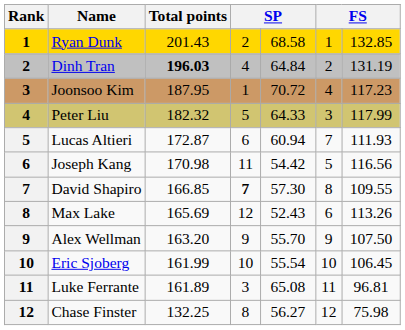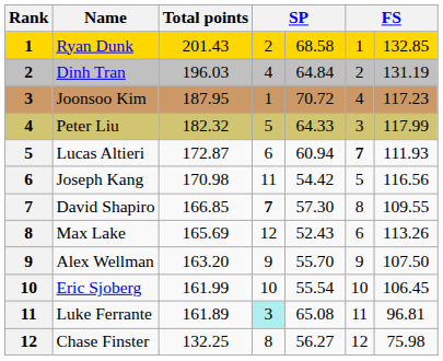 <table class="wikitable sortable">
 <tr>
 <th>Rank</th>
 <th>Name</th>
 <th>Total points</th>
 <th colspan="2" width="80px"><a href='#'>SP</a></th>
 <th colspan="2" width="80px"><a href='#'>FS</a></th>
 </tr>
 <tr bgcolor="gold">
 <td align="center"><strong>1</strong></td>
 <td><a href='#'>Ryan Dunk</a></td>
 <td align="center">201.43</td>
 <td align="center">2</td>
 <td align="center">68.58</td>
 <td align="center">1</td>
 <td align="center">132.85</td>
 </tr>
 <tr bgcolor="silver">
 <td align="center"><strong>2</strong></td>
 <td><a href='#'>Dinh Tran</a></td>
-<td align="center"><strong>196.03</strong></td>
+<td align="center">196.03</td>
 <td align="center">4</td>
 <td align="center">64.84</td>
 <td align="center">2</td>
 <td align="center">131.19</td>
 </tr>
 <tr bgcolor="cc9966">
 <td align="center"><strong>3</strong></td>
 <td>Joonsoo Kim</td>
 <td align="center">187.95</td>
 <td align="center">1</td>
 <td align="center">70.72</td>
 <td align="center">4</td>
 <td align="center">117.23</td>
 </tr>
 <tr bgcolor="#d1c571">
 <td align="center"><strong>4</strong></td>
 <td>Peter Liu</td>
 <td align="center">182.32</td>
 <td align="center">5</td>
 <td align="center">64.33</td>
 <td align="center">3</td>
 <td align="center">117.99</td>
 </tr>
 <tr>
 <th>5</th>
 <td>Lucas Altieri</td>
 <td align="center">172.87</td>
 <td align="center">6</td>
 <td align="center">60.94</td>
-<td align="center">7</td>
+<td align="center"><strong>7</strong></td>
 <td align="center">111.93</td>
 </tr>
 <tr>
 <th>6</th>
 <td>Joseph Kang</td>
 <td align="center">170.98</td>
 <td align="center">11</td>
 <td align="center">54.42</td>
 <td align="center">5</td>
 <td align="center">116.56</td>
 </tr>
 <tr>
 <th>7</th>
 <td>David Shapiro</td>
 <td align="center">166.85</td>
 <td align="center"><strong>7</strong></td>
 <td align="center">57.30</td>
 <td align="center">8</td>
 <td align="center">109.55</td>
 </tr>
 <tr>
 <th>8</th>
 <td>Max Lake</td>
 <td align="center">165.69</td>
 <td align="center">12</td>
 <td align="center">52.43</td>
 <td align="center">6</td>
 <td align="center">113.26</td>
 </tr>
 <tr>
 <th>9</th>
 <td>Alex Wellman</td>
 <td align="center">163.20</td>
 <td align="center">9</td>
 <td align="center">55.70</td>
 <td align="center">9</td>
 <td align="center">107.50</td>
 </tr>
 <tr>
 <th>10</th>
 <td><a href='#'>Eric Sjoberg</a></td>
 <td align="center">161.99</td>
 <td align="center">10</td>
 <td align="center">55.54</td>
 <td align="center">10</td>
 <td align="center">106.45</td>
 </tr>
 <tr>
 <th>11</th>
 <td>Luke Ferrante</td>
 <td align="center">161.89</td>
-<td align="center">3</td>
+<td align="center" style="background: paleturquoise;">3</td>
 <td align="center">65.08</td>
 <td align="center">11</td>
 <td align="center">96.81</td>
 </tr>
 <tr>
 <th>12</th>
 <td>Chase Finster</td>
 <td align="center">132.25</td>
 <td align="center">8</td>
 <td align="center">56.27</td>
 <td align="center">12</td>
 <td align="center">75.98</td>
 </tr>
 </table>
